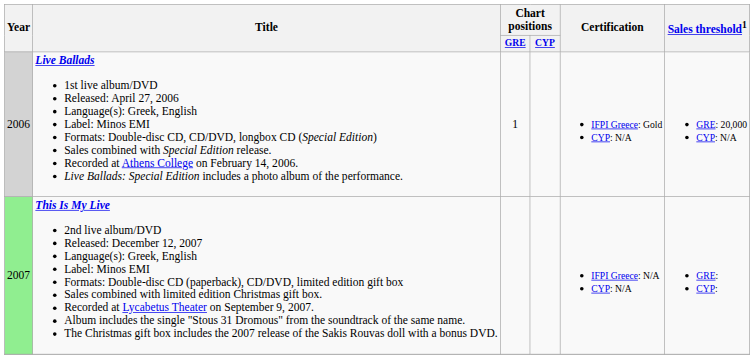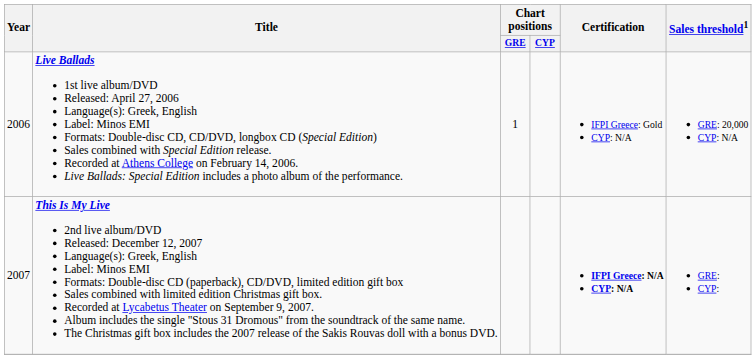 <table class="wikitable">
 <tr>
 <th rowspan="2">Year</th>
 <th rowspan="2">Title</th>
 <th colspan="2">Chart positions</th>
 <th rowspan="2">Certification</th>
 <th rowspan="2"><a href='#'>Sales threshold</a><sup>1</sup></th>
 </tr>
 <tr style="font-size:smaller;">
 <th width="35"><a href='#'>GRE</a></th>
 <th width="35"><a href='#'>CYP</a></th>
 </tr>
 <tr>
-<td style="background: lightgrey; text-align:center;">2006</td>
+<td style="text-align:center;">2006</td>
 <td><strong><em><a href='#'>Live Ballads</a></em></strong><br><ul><li>1st live album/DVD</li><li>Released: April 27, 2006</li><li>Language(s): Greek, English</li><li>Label: Minos EMI</li><li>Formats: Double-disc CD, CD/DVD, longbox CD (<em>Special Edition</em>)</li><li>Sales combined with <em>Special Edition</em> release.</li><li>Recorded at <a href='#'>Athens College</a> on February 14, 2006.</li><li><em>Live Ballads: Special Edition</em> includes a photo album of the performance.</li></ul></td>
 <td style="text-align:center;">1</td>
 <td style="text-align:center;"></td>
 <td align="left"><br><ul><li><small><a href='#'>IFPI Greece</a>: Gold</small></li><li><small><a href='#'>CYP</a>: N/A</small></li></ul></td>
 <td align="left"><br><ul><li><small><a href='#'>GRE</a>: 20,000</small></li><li><small><a href='#'>CYP</a>: N/A</small></li></ul></td>
 </tr>
 <tr>
-<td style="background: lightgreen; text-align:center;">2007</td>
+<td style="text-align:center;">2007</td>
 <td><strong><em><a href='#'>This Is My Live</a></em></strong><br><ul><li>2nd live album/DVD</li><li>Released: December 12, 2007</li><li>Language(s): Greek, English</li><li>Label: Minos EMI</li><li>Formats: Double-disc CD (paperback), CD/DVD, limited edition gift box</li><li>Sales combined with limited edition Christmas gift box.</li><li>Recorded at <a href='#'>Lycabetus Theater</a> on September 9, 2007.</li><li>Album includes the single "Stous 31 Dromous" from the soundtrack of the same name.</li><li>The Christmas gift box includes the 2007 release of the Sakis Rouvas doll with a bonus DVD.</li></ul></td>
 <td style="text-align:center;"></td>
 <td style="text-align:center;"></td>
-<td align="left"><br><ul><li><small><a href='#'>IFPI Greece</a>: N/A</small></li><li><small><a href='#'>CYP</a>: N/A</small></li></ul></td>
+<td align="left"><strong><br><ul><li><small><a href='#'>IFPI Greece</a>: N/A</small></li><li><small><a href='#'>CYP</a>: N/A</small></li></ul></strong></td>
 <td align="left"><br><ul><li><small><a href='#'>GRE</a>:</small></li><li><small><a href='#'>CYP</a>: </small></li></ul></td>
 </tr>
 <tr>
 </tr>
 </table>
